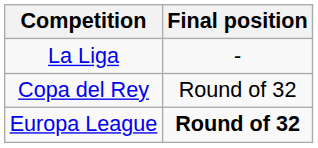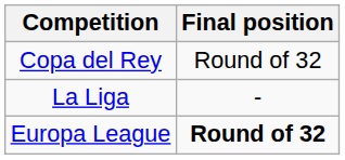 <table class="wikitable" style="font-size:100%; text-align:center">
 <tr>
 <th>Competition</th>
 <th>Final position</th>
 </tr>
 <tr style="background:">
+<td><a href='#'>Copa del Rey</a></td>
+<td>Round of 32</td>
+</tr>
+<tr style="background:">
 <td><a href='#'>La Liga</a></td>
 <td>-</td>
-</tr>
-<tr style="background:">
-<td><a href='#'>Copa del Rey</a></td>
-<td>Round of 32</td>
 </tr>
 <tr style="background:">
 <td><a href='#'>Europa League</a></td>
 <td><strong>Round of 32</strong></td>
 </tr>
 </table>
